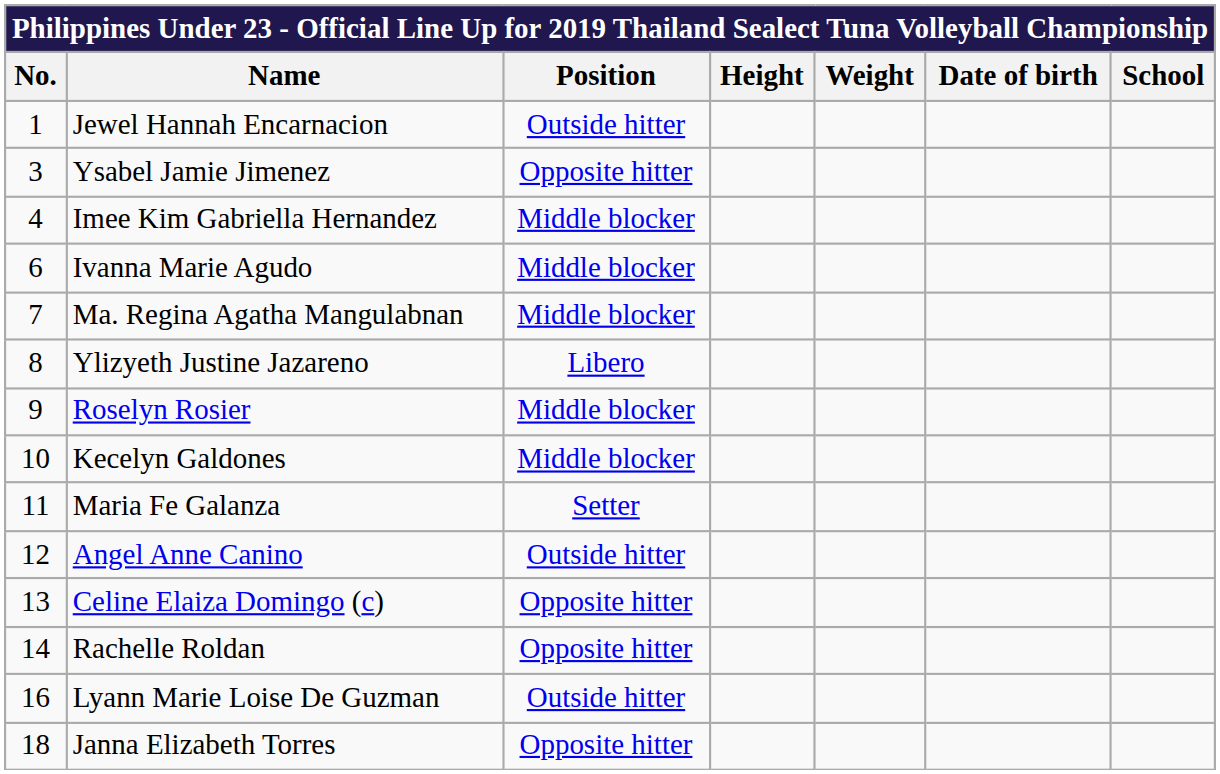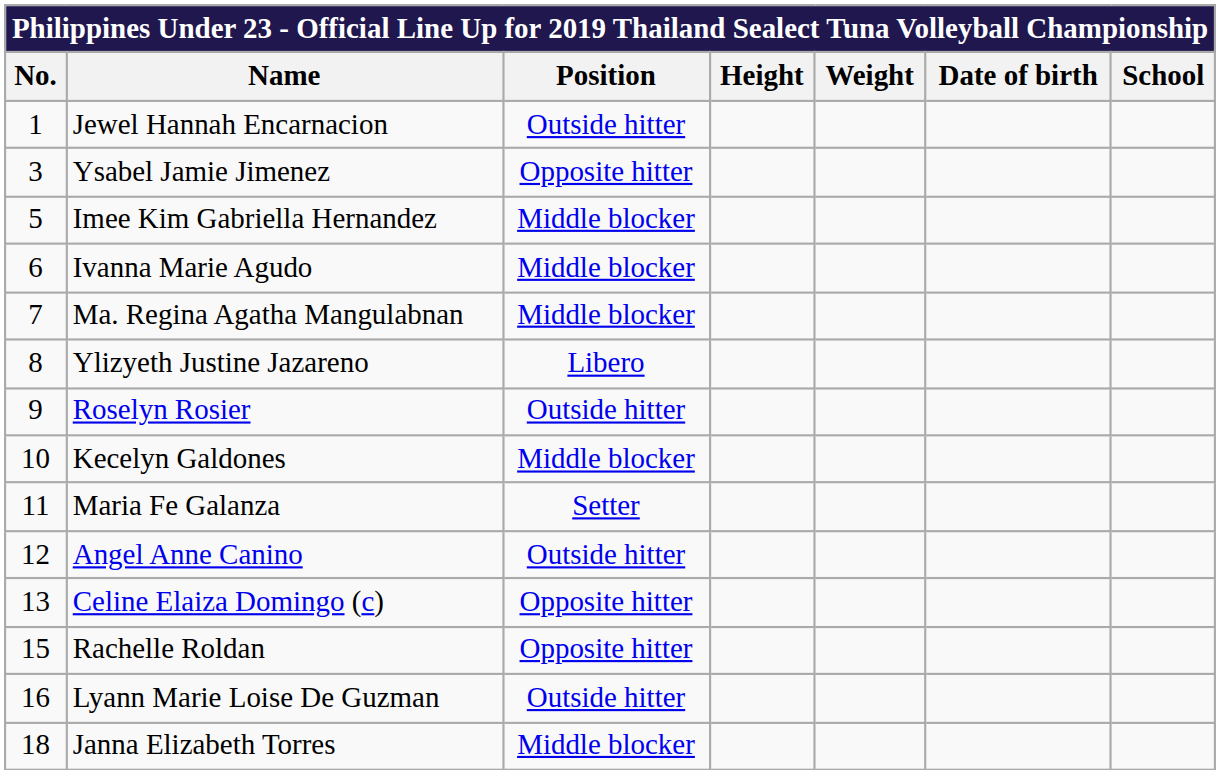 <table class="wikitable sortable" style="font-size:85%; text-align:left;">
 <tr>
 <th colspan=10 style="background:#1F174E; color:#FFFFFF;">Philippines Under 23 - Official Line Up for 2019 Thailand Sealect Tuna Volleyball Championship</th>
 </tr>
 <tr>
 <th style= align=center "background:#000080; color:white;">No.</th>
 <th style= align=center "width:15em; background:#000080; color:white;">Name</th>
 <th style= align=center "background:#000080; color:white;">Position</th>
 <th style= align=center "width:10em; background:#000080; color:white;">Height</th>
 <th style= align=center "width:10em; background:#000080; color:white;">Weight</th>
 <th style= align=center "width:14em; background:#000080; color:white;">Date of birth</th>
 <th style= align=center "width:15em; background:#000080; color:white;">School</th>
 </tr>
 <tr align=center>
 <td>1</td>
 <td align=left>Jewel Hannah Encarnacion</td>
 <td><a href='#'>Outside hitter</a></td>
 <td></td>
 <td></td>
 <td align=right></td>
 <td align=left></td>
 </tr>
 <tr align=center>
 <td>3</td>
 <td align=left>Ysabel Jamie Jimenez</td>
 <td><a href='#'>Opposite hitter</a></td>
 <td></td>
 <td></td>
 <td align=right></td>
 <td align=left></td>
 </tr>
 <tr align=center>
-<td>4</td>
+<td>5</td>
 <td align=left>Imee Kim Gabriella Hernandez</td>
 <td><a href='#'>Middle blocker</a></td>
 <td></td>
 <td></td>
 <td align=right></td>
 <td align=left></td>
 </tr>
 <tr align=center>
 <td>6</td>
 <td align=left>Ivanna Marie Agudo</td>
 <td><a href='#'>Middle blocker</a></td>
 <td></td>
 <td></td>
 <td align=right></td>
 <td align=left></td>
 </tr>
 <tr align=center>
 <td>7</td>
 <td align=left>Ma. Regina Agatha Mangulabnan</td>
 <td><a href='#'>Middle blocker</a></td>
 <td></td>
 <td></td>
 <td align=right></td>
 <td align=left></td>
 </tr>
 <tr align=center>
 <td>8</td>
 <td align=left>Ylizyeth Justine Jazareno</td>
 <td><a href='#'>Libero</a></td>
 <td></td>
 <td></td>
 <td align=right></td>
 <td align=left></td>
 </tr>
 <tr align=center>
 <td>9</td>
 <td align=left><a href='#'>Roselyn Rosier</a></td>
-<td><a href='#'>Middle blocker</a></td>
+<td><a href='#'>Outside hitter</a></td>
 <td></td>
 <td></td>
 <td align=right></td>
 <td align=left></td>
 </tr>
 <tr align=center>
 <td>10</td>
 <td align=left>Kecelyn Galdones</td>
 <td><a href='#'>Middle blocker</a></td>
 <td></td>
 <td></td>
 <td align=right></td>
 <td align=left></td>
 </tr>
 <tr align=center>
 <td>11</td>
 <td align=left>Maria Fe Galanza</td>
 <td><a href='#'>Setter</a></td>
 <td></td>
 <td></td>
 <td align=right></td>
 <td align=left></td>
 </tr>
 <tr align=center>
 <td>12</td>
 <td align=left><a href='#'>Angel Anne Canino</a></td>
 <td><a href='#'>Outside hitter</a></td>
 <td></td>
 <td></td>
 <td align=right></td>
 <td align=left></td>
 </tr>
 <tr align=center>
 <td>13</td>
 <td align=left><a href='#'>Celine Elaiza Domingo</a>  (<a href='#'>c</a>)</td>
 <td><a href='#'>Opposite hitter</a></td>
 <td></td>
 <td></td>
 <td align=right></td>
 <td align=left></td>
 </tr>
 <tr align=center>
-<td>14</td>
+<td>15</td>
 <td align=left>Rachelle Roldan</td>
 <td><a href='#'>Opposite hitter</a></td>
 <td></td>
 <td></td>
 <td align=right></td>
 <td align=left></td>
 </tr>
 <tr align=center>
 <td>16</td>
 <td align=left>Lyann Marie Loise De Guzman</td>
 <td><a href='#'>Outside hitter</a></td>
 <td></td>
 <td></td>
 <td align=right></td>
 <td align=left></td>
 </tr>
 <tr align=center>
 <td>18</td>
 <td align=left>Janna Elizabeth Torres</td>
-<td><a href='#'>Opposite hitter</a></td>
+<td><a href='#'>Middle blocker</a></td>
 <td></td>
 <td></td>
 <td align=right></td>
 <td align=left></td>
 </tr>
 </table>
